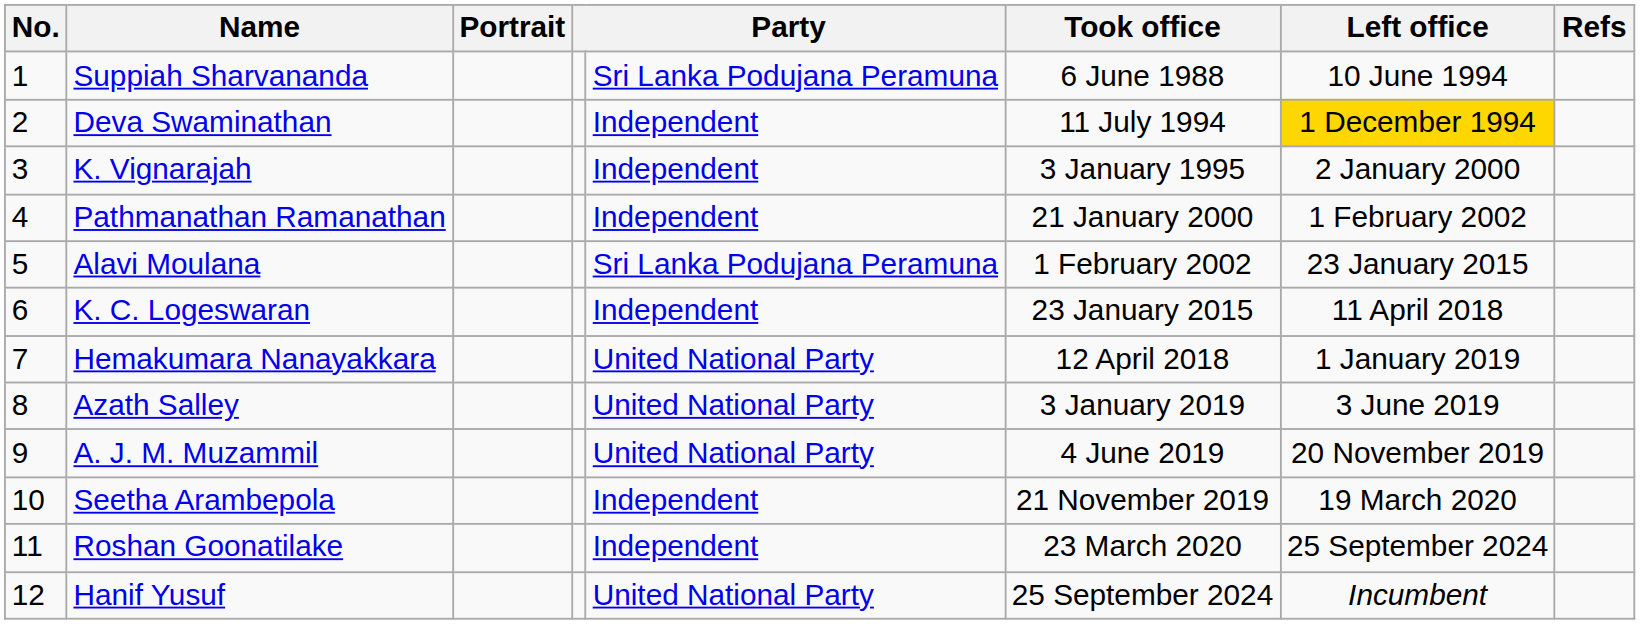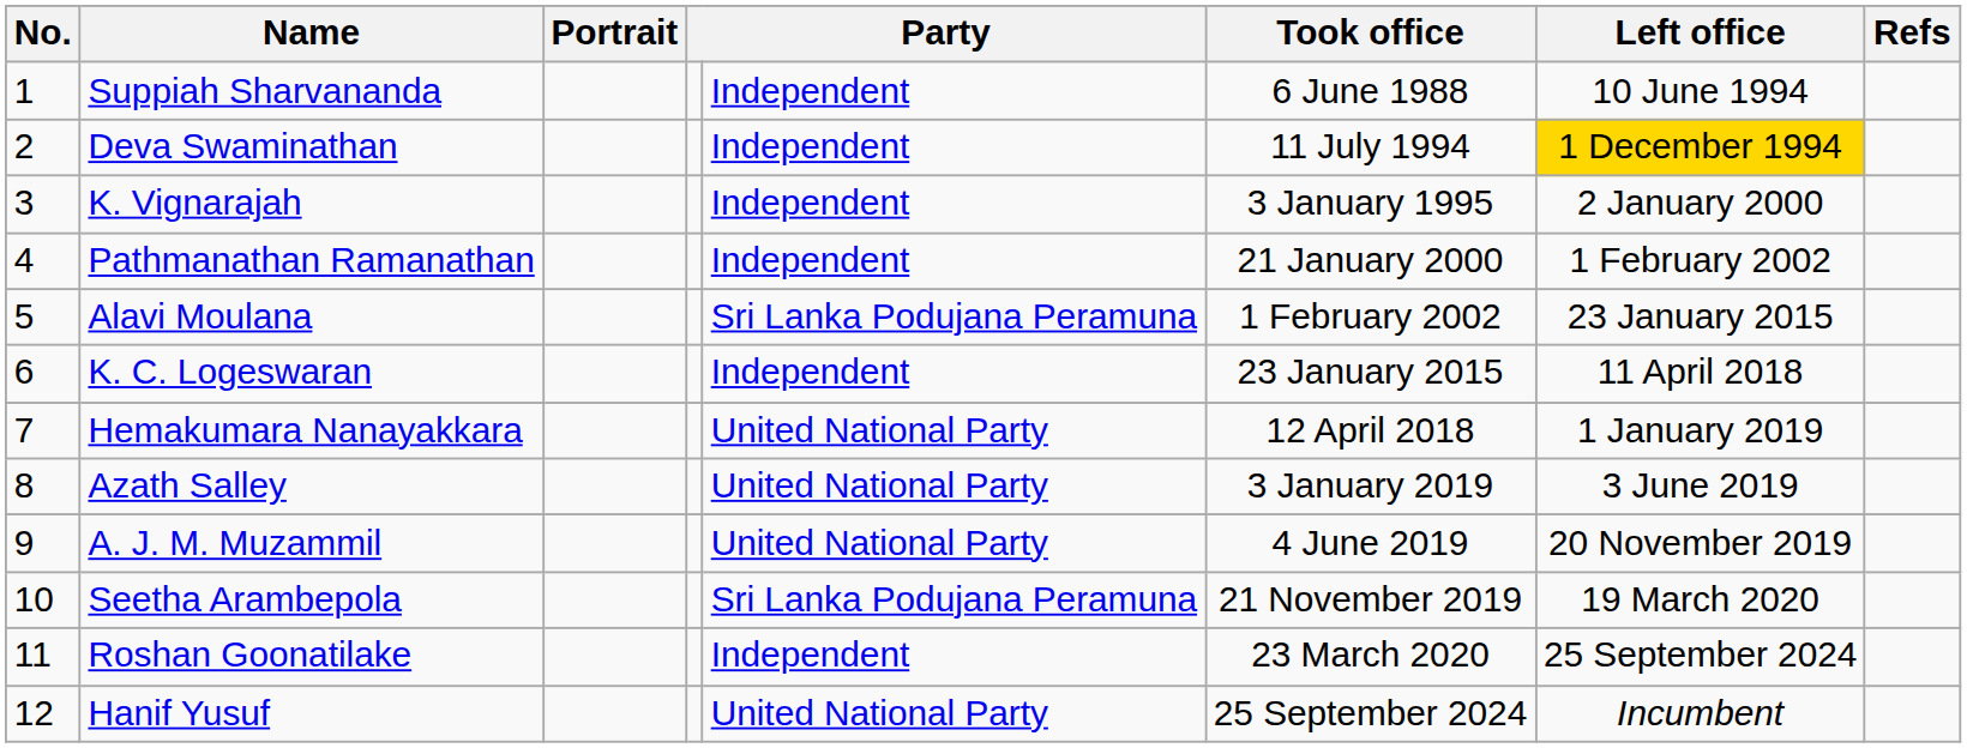 <table class="wikitable plainrowheaders sortable" style="font-size:100%; text-align:left;">
 <tr>
 <th>No.</th>
 <th>Name</th>
 <th class="unsortable">Portrait</th>
 <th colspan="2">Party</th>
 <th>Took office</th>
 <th>Left office</th>
 <th class="unsortable">Refs</th>
 </tr>
 <tr>
 <td>1</td>
 <td><a href='#'>Suppiah Sharvananda</a></td>
 <td></td>
 <td style="background:"></td>
-<td><a href='#'>Sri Lanka Podujana Peramuna</a></td>
+<td><a href='#'>Independent</a></td>
 <td align="center">6 June 1988</td>
 <td align="center">10 June 1994</td>
 <td align="center"></td>
 </tr>
 <tr>
 <td>2</td>
 <td><a href='#'>Deva Swaminathan</a></td>
 <td></td>
 <td style="background:"></td>
 <td><a href='#'>Independent</a></td>
 <td align="center">11 July 1994</td>
 <td align="center" style="background: gold;">1 December 1994</td>
 <td align="center"></td>
 </tr>
 <tr>
 <td>3</td>
 <td><a href='#'>K. Vignarajah</a></td>
 <td></td>
 <td style="background:"></td>
 <td><a href='#'>Independent</a></td>
 <td align="center">3 January 1995</td>
 <td align="center">2 January 2000</td>
 <td align="center"></td>
 </tr>
 <tr>
 <td>4</td>
 <td><a href='#'>Pathmanathan Ramanathan</a></td>
 <td></td>
 <td style="background:"></td>
 <td><a href='#'>Independent</a></td>
 <td align="center">21 January 2000</td>
 <td align="center">1 February 2002</td>
 <td align="center"></td>
 </tr>
 <tr>
 <td>5</td>
 <td><a href='#'>Alavi Moulana</a></td>
 <td></td>
 <td style="background:"></td>
 <td><a href='#'>Sri Lanka Podujana Peramuna</a></td>
 <td align="center">1 February 2002</td>
 <td align="center">23 January 2015</td>
 <td align="center"></td>
 </tr>
 <tr>
 <td>6</td>
 <td><a href='#'>K. C. Logeswaran</a></td>
 <td></td>
 <td style="background:"></td>
 <td><a href='#'>Independent</a></td>
 <td align="center">23 January 2015</td>
 <td align="center">11 April 2018</td>
 <td align="center"></td>
 </tr>
 <tr>
 <td>7</td>
 <td><a href='#'>Hemakumara Nanayakkara</a></td>
 <td></td>
 <td style="background:"></td>
 <td><a href='#'>United National Party</a></td>
 <td align="center">12 April 2018</td>
 <td align="center">1 January 2019</td>
 <td align="center"></td>
 </tr>
 <tr>
 <td>8</td>
 <td><a href='#'>Azath Salley</a></td>
 <td></td>
 <td style="background:"></td>
 <td><a href='#'>United National Party</a></td>
 <td align="center">3 January 2019</td>
 <td align="center">3 June 2019</td>
 <td align="center"></td>
 </tr>
 <tr>
 <td>9</td>
 <td><a href='#'>A. J. M. Muzammil</a></td>
 <td></td>
 <td style="background:"></td>
 <td><a href='#'>United National Party</a></td>
 <td align="center">4 June 2019</td>
 <td align="center">20 November 2019</td>
 <td align="center"></td>
 </tr>
 <tr>
 <td>10</td>
 <td><a href='#'>Seetha Arambepola</a></td>
 <td></td>
 <td style="background:"></td>
-<td><a href='#'>Independent</a></td>
+<td><a href='#'>Sri Lanka Podujana Peramuna</a></td>
 <td align="center">21 November 2019</td>
 <td align="center">19 March 2020</td>
 <td></td>
 </tr>
 <tr>
 <td>11</td>
 <td><a href='#'>Roshan Goonatilake</a></td>
 <td></td>
 <td style="background:"></td>
 <td><a href='#'>Independent</a></td>
 <td align="center">23 March 2020</td>
 <td align="center">25 September 2024</td>
 </tr>
 <tr>
 <td>12</td>
 <td><a href='#'>Hanif Yusuf</a></td>
 <td></td>
 <td style="background:"></td>
 <td><a href='#'>United National Party</a></td>
 <td align="center">25 September 2024</td>
 <td align="center"><em>Incumbent</em></td>
 <td></td>
 </tr>
 </table>
